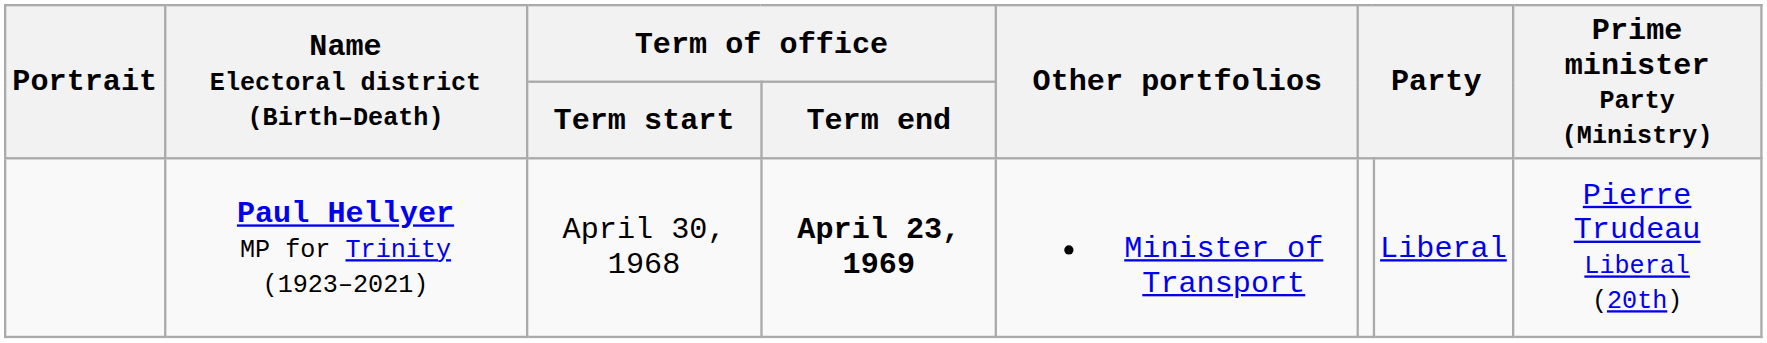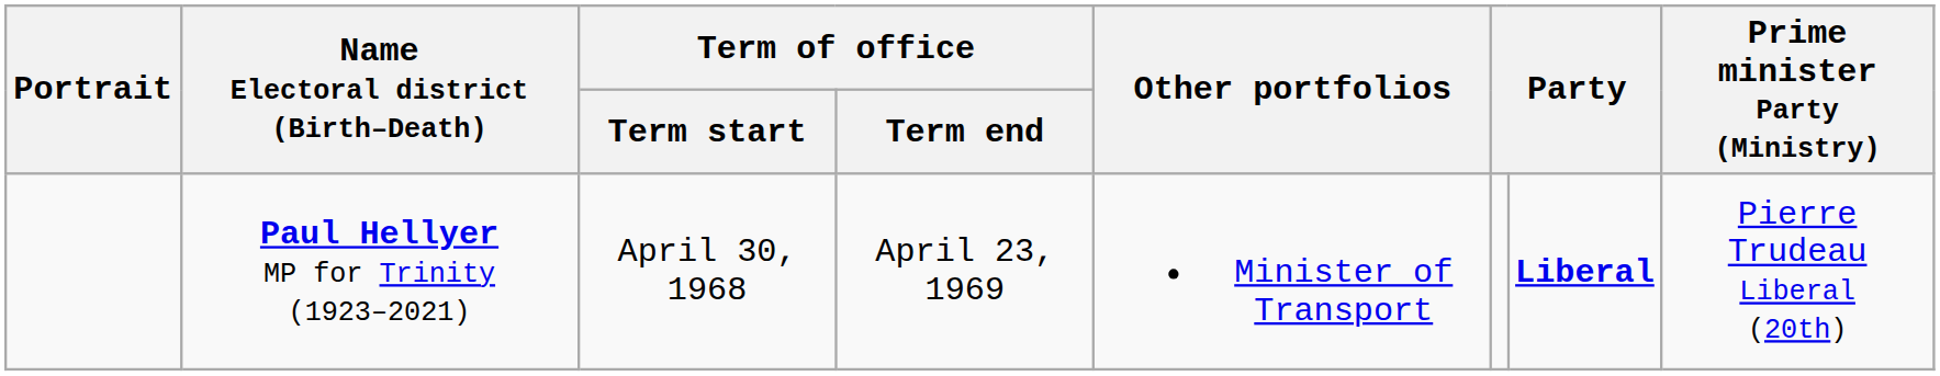 <table class="wikitable" style="text-align:center">
 <tr>
 <th rowspan="2" scope="col">Portrait</th>
 <th rowspan="2" scope="col" width="150px">Name<br><small>Electoral district<br>(Birth–Death)</small></th>
 <th colspan="2" scope="col">Term of office</th>
 <th rowspan="2" width="150px">Other portfolios</th>
 <th colspan="2" rowspan="2">Party</th>
 <th rowspan="2" width="100px">Prime minister<br><small>Party<br>(Ministry)</small></th>
 </tr>
 <tr>
 <th width="95px">Term start</th>
 <th width="95px">Term end</th>
 </tr>
 <tr>
 <td></td>
 <td><strong><a href='#'>Paul Hellyer</a></strong><br><small>MP for <a href='#'>Trinity</a></small><br><small>(1923–2021)</small></td>
 <td>April 30,<br>1968</td>
-<td><strong>April 23,<br>1969</strong></td>
+<td>April 23,<br>1969</td>
 <td><br><ul><li><a href='#'>Minister of Transport</a></li></ul></td>
 <td style="background:"></td>
-<td><a href='#'>Liberal</a></td>
+<td><strong><a href='#'>Liberal</a></strong></td>
 <td><a href='#'>Pierre Trudeau</a><br><a href='#'><small>Liberal</small></a><br><small>(<a href='#'>20th</a>)</small></td>
 </tr>
 </table>
